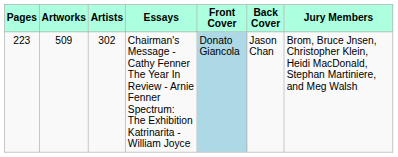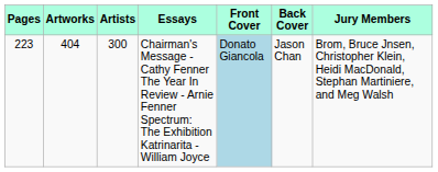 <table class="wikitable">
 <tr>
 <th style="background:#acffdf">Pages</th>
 <th style="background:#acffdf">Artworks</th>
 <th style="background:#acffdf">Artists</th>
 <th style="background:#acffdf">Essays</th>
 <th style="background:#acffdf">Front Cover</th>
 <th style="background:#acffdf">Back Cover</th>
 <th style="background:#acffdf">Jury Members</th>
 </tr>
 <tr valign="top">
 <td align="center">223</td>
-<td align="center">509</td>
-<td align="center">302</td>
+<td align="center">404</td>
+<td align="center">300</td>
 <td>Chairman's Message - Cathy Fenner<br>The Year In Review - Arnie Fenner<br>Spectrum: The Exhibition<br>Katrinarita - William Joyce</td>
 <td style="background: lightblue;">Donato Giancola</td>
 <td>Jason Chan</td>
 <td>Brom, Bruce Jnsen, Christopher Klein, Heidi MacDonald, Stephan Martiniere, and Meg Walsh</td>
 </tr>
 </table>
